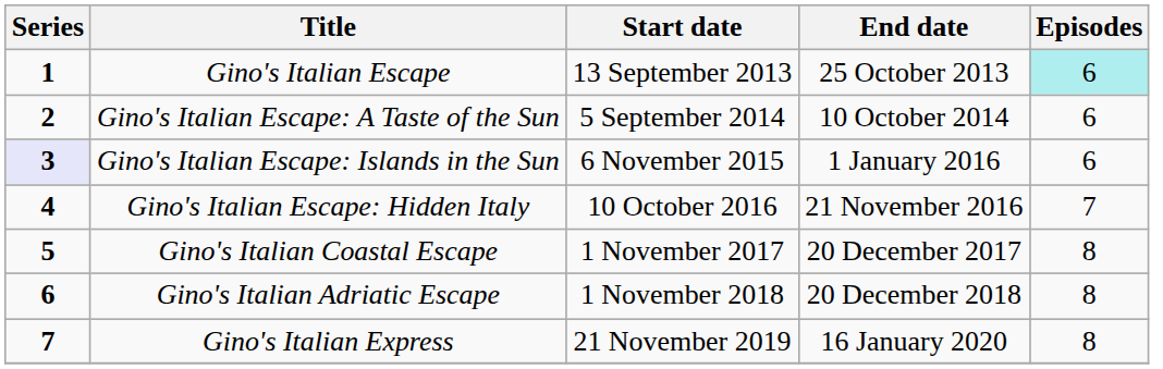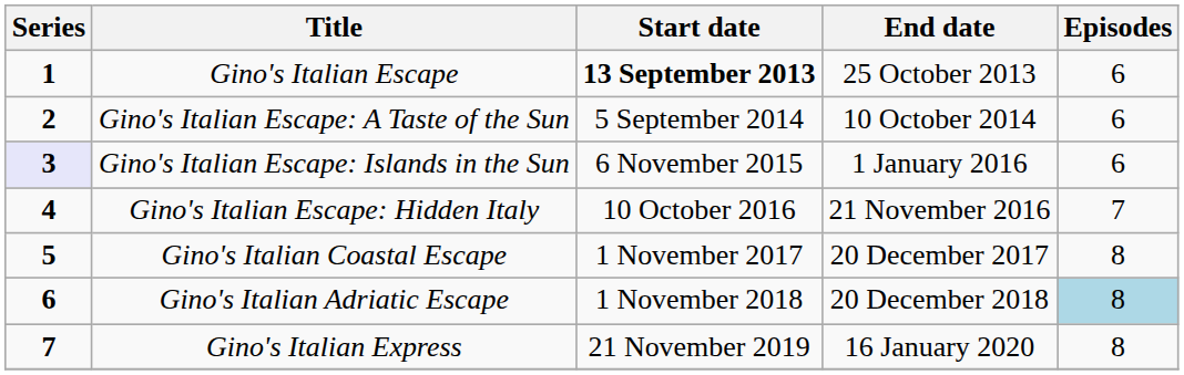 <table class="wikitable" style="text-align:center;">
 <tr>
 <th>Series</th>
 <th>Title</th>
 <th>Start date</th>
 <th>End date</th>
 <th>Episodes</th>
 </tr>
 <tr>
 <td><strong>1</strong></td>
 <td><em>Gino's Italian Escape</em></td>
-<td>13 September 2013</td>
+<td><strong>13 September 2013</strong></td>
 <td>25 October 2013</td>
-<td style="background: paleturquoise;">6</td>
+<td>6</td>
 </tr>
 <tr>
 <td><strong>2</strong></td>
 <td><em>Gino's Italian Escape: A Taste of the Sun</em></td>
 <td>5 September 2014</td>
 <td>10 October 2014</td>
 <td>6</td>
 </tr>
 <tr>
 <td style="background: lavender;"><strong>3</strong></td>
 <td><em>Gino's Italian Escape: Islands in the Sun</em></td>
 <td>6 November 2015</td>
 <td>1 January 2016</td>
 <td>6</td>
 </tr>
 <tr>
 <td><strong>4</strong></td>
 <td><em>Gino's Italian Escape: Hidden Italy</em></td>
 <td>10 October 2016</td>
 <td>21 November 2016</td>
 <td>7</td>
 </tr>
 <tr>
 <td><strong>5</strong></td>
 <td><em>Gino's Italian Coastal Escape</em></td>
 <td>1 November 2017</td>
 <td>20 December 2017</td>
 <td>8</td>
 </tr>
 <tr>
 <td><strong>6</strong></td>
 <td><em>Gino's Italian Adriatic Escape</em></td>
 <td>1 November 2018</td>
 <td>20 December 2018</td>
-<td>8</td>
+<td style="background: lightblue;">8</td>
 </tr>
 <tr>
 <td><strong>7</strong></td>
 <td><em>Gino's Italian Express</em></td>
 <td>21 November 2019</td>
 <td>16 January 2020</td>
 <td>8</td>
 </tr>
 <tr>
 </tr>
 </table>
